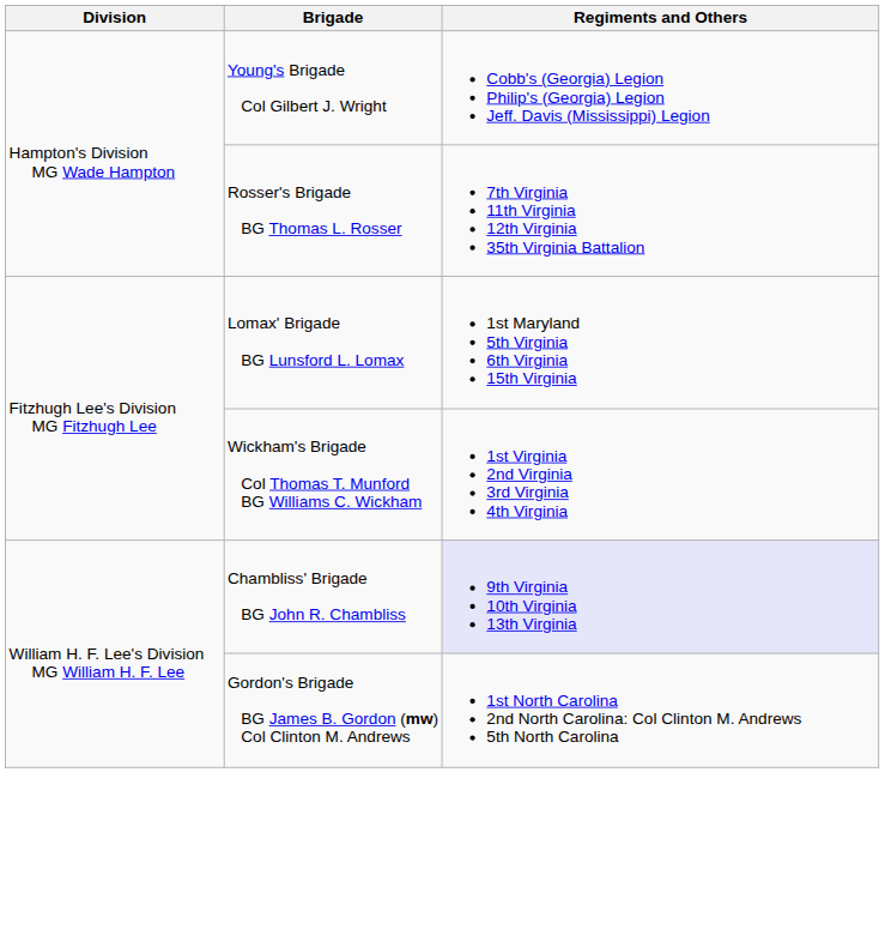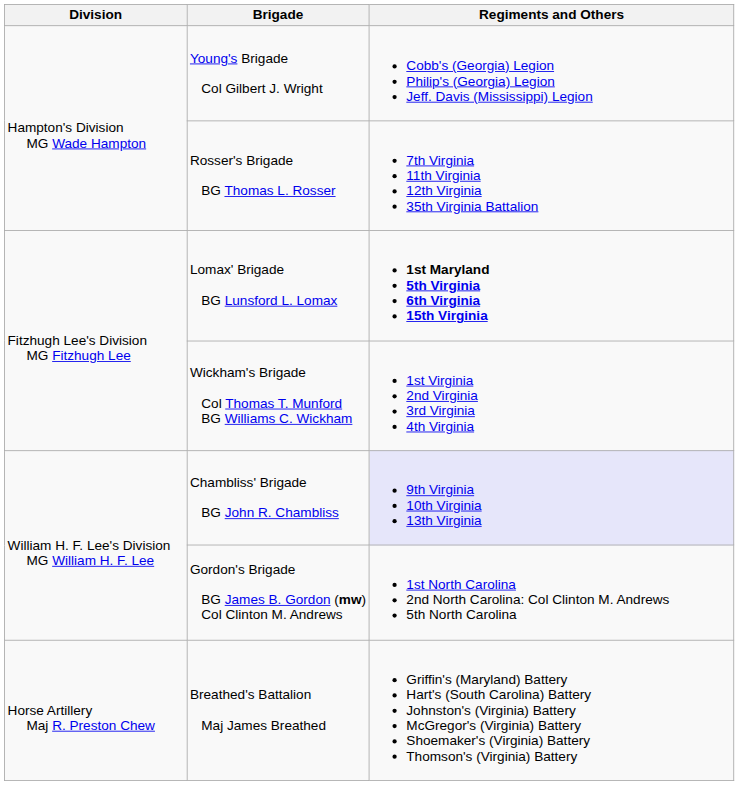 <table class="wikitable">
 <tr>
 <th width=25%>Division</th>
 <th width=25%>Brigade</th>
 <th>Regiments and Others</th>
 </tr>
 <tr>
 <td rowspan=2><br>Hampton's Division <br>     MG <a href='#'>Wade Hampton</a></td>
 <td><a href='#'>Young's</a> Brigade<br><br>   Col Gilbert J. Wright</td>
 <td><br><ul><li><a href='#'>Cobb's (Georgia) Legion</a></li><li><a href='#'>Philip's (Georgia) Legion</a></li><li><a href='#'>Jeff. Davis (Mississippi) Legion</a></li></ul></td>
 </tr>
 <tr>
 <td>Rosser's Brigade<br><br>   BG <a href='#'>Thomas L. Rosser</a></td>
 <td><br><ul><li><a href='#'>7th Virginia</a></li><li><a href='#'>11th Virginia</a></li><li><a href='#'>12th Virginia</a></li><li><a href='#'>35th Virginia Battalion</a></li></ul></td>
 </tr>
 <tr>
 <td rowspan=2><br>Fitzhugh Lee's Division <br>     MG <a href='#'>Fitzhugh Lee</a></td>
 <td>Lomax' Brigade<br><br>   BG <a href='#'>Lunsford L. Lomax</a></td>
-<td><br><ul><li>1st Maryland</li><li><a href='#'>5th Virginia</a></li><li><a href='#'>6th Virginia</a></li><li><a href='#'>15th Virginia</a></li></ul></td>
+<td><strong><br><ul><li>1st Maryland</li><li><a href='#'>5th Virginia</a></li><li><a href='#'>6th Virginia</a></li><li><a href='#'>15th Virginia</a></li></ul></strong></td>
 </tr>
 <tr>
 <td>Wickham's Brigade<br><br>   Col <a href='#'>Thomas T. Munford</a> <br>   BG <a href='#'>Williams C. Wickham</a></td>
 <td><br><ul><li><a href='#'>1st Virginia</a></li><li><a href='#'>2nd Virginia</a></li><li><a href='#'>3rd Virginia</a></li><li><a href='#'>4th Virginia</a></li></ul></td>
 </tr>
 <tr>
 <td rowspan=2><br>William H. F. Lee's Division <br>     MG <a href='#'>William H. F. Lee</a></td>
 <td>Chambliss' Brigade<br><br>   BG <a href='#'>John R. Chambliss</a></td>
 <td style="background: lavender;"><br><ul><li><a href='#'>9th Virginia</a></li><li><a href='#'>10th Virginia</a></li><li><a href='#'>13th Virginia</a></li></ul></td>
 </tr>
 <tr>
 <td>Gordon's Brigade<br><br>   BG <a href='#'>James B. Gordon</a> (<strong>mw</strong>) <br>   Col Clinton M. Andrews</td>
 <td><br><ul><li><a href='#'>1st North Carolina</a></li><li>2nd North Carolina: Col Clinton M. Andrews</li><li>5th North Carolina</li></ul></td>
 </tr>
+<tr>
+<td rowspan=1><br>Horse Artillery <br>     Maj <a href='#'>R. Preston Chew</a></td>
+<td>Breathed's Battalion<br><br>   Maj James Breathed</td>
+<td><br><ul><li>Griffin's (Maryland) Battery</li><li>Hart's (South Carolina) Battery</li><li>Johnston's (Virginia) Battery</li><li>McGregor's (Virginia) Battery</li><li>Shoemaker's (Virginia) Battery</li><li>Thomson's (Virginia) Battery</li></ul></td>
+</tr>
 </table>
